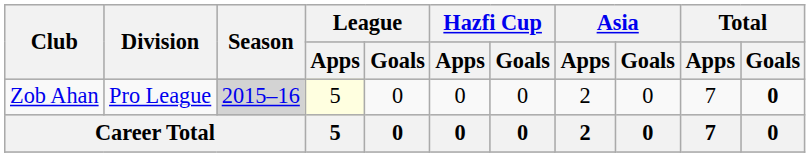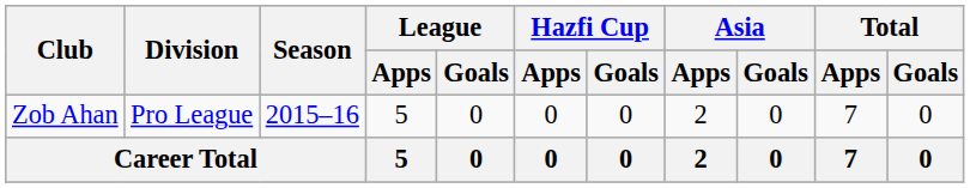 <table class="wikitable" style="font-size:90%; text-align:center;">
 <tr>
 <th rowspan="2">Club</th>
 <th rowspan="2">Division</th>
 <th rowspan="2">Season</th>
 <th colspan="2">League</th>
 <th colspan="2"><a href='#'>Hazfi Cup</a></th>
 <th colspan="2"><a href='#'>Asia</a></th>
 <th colspan="2">Total</th>
 </tr>
 <tr>
 <th>Apps</th>
 <th>Goals</th>
 <th>Apps</th>
 <th>Goals</th>
 <th>Apps</th>
 <th>Goals</th>
 <th>Apps</th>
 <th>Goals</th>
 </tr>
 <tr>
 <td><a href='#'>Zob Ahan</a></td>
 <td><a href='#'>Pro League</a></td>
-<td style="background: lightgrey;"><a href='#'>2015–16</a></td>
-<td style="background: lightyellow;">5</td>
+<td><a href='#'>2015–16</a></td>
+<td>5</td>
 <td>0</td>
 <td>0</td>
 <td>0</td>
 <td>2</td>
 <td>0</td>
 <td>7</td>
-<td><strong>0</strong></td>
+<td>0</td>
 </tr>
 <tr>
 <th colspan=3>Career Total</th>
 <th>5</th>
 <th>0</th>
 <th>0</th>
 <th>0</th>
 <th>2</th>
 <th>0</th>
 <th>7</th>
 <th>0</th>
 </tr>
 </table>
